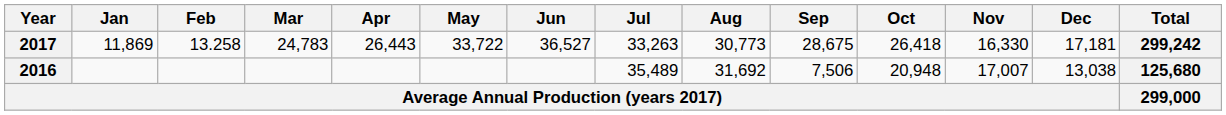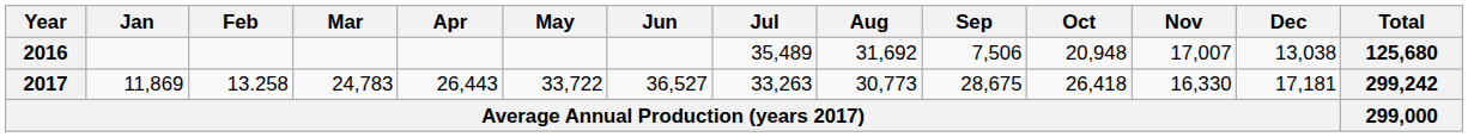 <table class=wikitable style="text-align:right; font-size:0.9em; width:1050px;">
 <tr>
 <th>Year</th>
 <th>Jan</th>
 <th>Feb</th>
 <th>Mar</th>
 <th>Apr</th>
 <th>May</th>
 <th>Jun</th>
 <th>Jul</th>
 <th>Aug</th>
 <th>Sep</th>
 <th>Oct</th>
 <th>Nov</th>
 <th>Dec</th>
 <th>Total</th>
 </tr>
 <tr>
+<th>2016</th>
+<td></td>
+<td></td>
+<td></td>
+<td></td>
+<td></td>
+<td></td>
+<td>35,489</td>
+<td>31,692</td>
+<td>7,506</td>
+<td>20,948</td>
+<td>17,007</td>
+<td>13,038</td>
+<th>125,680</th>
+</tr>
+<tr>
 <th>2017</th>
 <td>11,869</td>
 <td>13.258</td>
 <td>24,783</td>
 <td>26,443</td>
 <td>33,722</td>
 <td>36,527</td>
 <td>33,263</td>
 <td>30,773</td>
 <td>28,675</td>
 <td>26,418</td>
 <td>16,330</td>
 <td>17,181</td>
 <th>299,242</th>
 </tr>
 <tr>
-<th>2016</th>
-<td></td>
-<td></td>
-<td></td>
-<td></td>
-<td></td>
-<td></td>
-<td>35,489</td>
-<td>31,692</td>
-<td>7,506</td>
-<td>20,948</td>
-<td>17,007</td>
-<td>13,038</td>
-<th>125,680</th>
-</tr>
-<tr>
 <th colspan=13>Average Annual Production (years 2017)</th>
 <th>299,000</th>
 </tr>
 </table>
